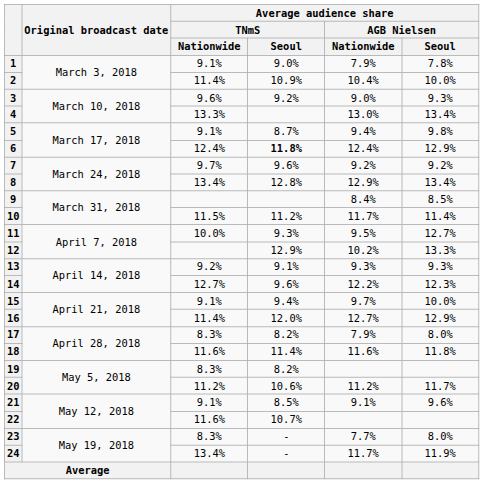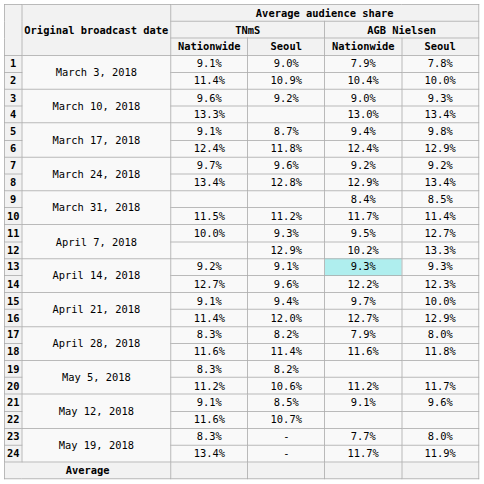 <table class="wikitable" style="text-align:center">
 <tr>
 <th rowspan="3"></th>
 <th rowspan="3">Original broadcast date</th>
 <th colspan="4">Average audience share</th>
 </tr>
 <tr>
 <th colspan="2">TNmS</th>
 <th colspan="2">AGB Nielsen</th>
 </tr>
 <tr>
 <th width="90">Nationwide</th>
 <th width="90">Seoul</th>
 <th width="90">Nationwide</th>
 <th width="90">Seoul</th>
 </tr>
 <tr>
 <th>1</th>
 <td rowspan="2">March 3, 2018</td>
 <td>9.1% </td>
 <td>9.0%</td>
 <td>7.9% </td>
 <td>7.8% </td>
 </tr>
 <tr>
 <th>2</th>
 <td>11.4% </td>
 <td>10.9%</td>
 <td>10.4% </td>
 <td>10.0% </td>
 </tr>
 <tr>
 <th>3</th>
 <td rowspan="2">March 10, 2018</td>
 <td>9.6% </td>
 <td>9.2%</td>
 <td>9.0% </td>
 <td>9.3% </td>
 </tr>
 <tr>
 <th>4</th>
 <td>13.3% </td>
 <td></td>
 <td>13.0% </td>
 <td>13.4% </td>
 </tr>
 <tr>
 <th>5</th>
 <td rowspan="2">March 17, 2018</td>
 <td>9.1% </td>
 <td>8.7%</td>
 <td>9.4% </td>
 <td>9.8% </td>
 </tr>
 <tr>
 <th>6</th>
 <td>12.4% </td>
-<td><strong>11.8%</strong></td>
+<td>11.8%</td>
 <td>12.4% </td>
 <td>12.9% </td>
 </tr>
 <tr>
 <th>7</th>
 <td rowspan="2">March 24, 2018</td>
 <td>9.7% </td>
 <td>9.6%</td>
 <td>9.2% </td>
 <td>9.2% </td>
 </tr>
 <tr>
 <th>8</th>
 <td>13.4% </td>
 <td>12.8%</td>
 <td>12.9% </td>
 <td>13.4% </td>
 </tr>
 <tr>
 <th>9</th>
 <td rowspan="2">March 31, 2018</td>
 <td> </td>
 <td></td>
 <td>8.4% </td>
 <td>8.5% </td>
 </tr>
 <tr>
 <th>10</th>
 <td>11.5% </td>
 <td>11.2%</td>
 <td>11.7% </td>
 <td>11.4% </td>
 </tr>
 <tr>
 <th>11</th>
 <td rowspan="2">April 7, 2018</td>
 <td>10.0% </td>
 <td>9.3%</td>
 <td>9.5% </td>
 <td>12.7% </td>
 </tr>
 <tr>
 <th>12</th>
 <td> </td>
 <td>12.9%</td>
 <td>10.2% </td>
 <td>13.3% </td>
 </tr>
 <tr>
 <th>13</th>
 <td rowspan="2">April 14, 2018</td>
 <td>9.2% </td>
 <td>9.1%</td>
-<td>9.3% </td>
+<td style="background: paleturquoise;">9.3% </td>
 <td>9.3% </td>
 </tr>
 <tr>
 <th>14</th>
 <td>12.7% </td>
 <td>9.6%</td>
 <td>12.2% </td>
 <td>12.3% </td>
 </tr>
 <tr>
 <th>15</th>
 <td rowspan="2">April 21, 2018</td>
 <td>9.1% </td>
 <td>9.4%</td>
 <td>9.7% </td>
 <td>10.0% </td>
 </tr>
 <tr>
 <th>16</th>
 <td>11.4% </td>
 <td>12.0%</td>
 <td>12.7% </td>
 <td>12.9% </td>
 </tr>
 <tr>
 <th>17</th>
 <td rowspan="2">April 28, 2018</td>
 <td>8.3% </td>
 <td>8.2%</td>
 <td>7.9% </td>
 <td>8.0% </td>
 </tr>
 <tr>
 <th>18</th>
 <td>11.6% </td>
 <td>11.4%</td>
 <td>11.6% </td>
 <td>11.8% </td>
 </tr>
 <tr>
 <th>19</th>
 <td rowspan="2">May 5, 2018</td>
 <td>8.3% </td>
 <td>8.2%</td>
 <td> </td>
 <td> </td>
 </tr>
 <tr>
 <th>20</th>
 <td>11.2% </td>
 <td>10.6%</td>
 <td>11.2% </td>
 <td>11.7% </td>
 </tr>
 <tr>
 <th>21</th>
 <td rowspan="2">May 12, 2018</td>
 <td>9.1% </td>
 <td>8.5%</td>
 <td>9.1% </td>
 <td>9.6% </td>
 </tr>
 <tr>
 <th>22</th>
 <td>11.6% </td>
 <td>10.7%</td>
 <td> </td>
 <td> </td>
 </tr>
 <tr>
 <th>23</th>
 <td rowspan="2">May 19, 2018</td>
 <td>8.3% </td>
 <td>-</td>
 <td>7.7% </td>
 <td>8.0% </td>
 </tr>
 <tr>
 <th>24</th>
 <td>13.4% </td>
 <td>-</td>
 <td>11.7% </td>
 <td>11.9% </td>
 </tr>
 <tr>
 <th colspan="2">Average</th>
 <th></th>
 <th></th>
 <th></th>
 <th></th>
 </tr>
 </table>
